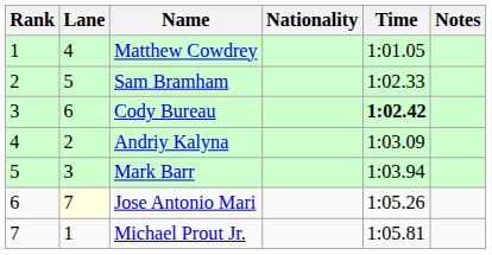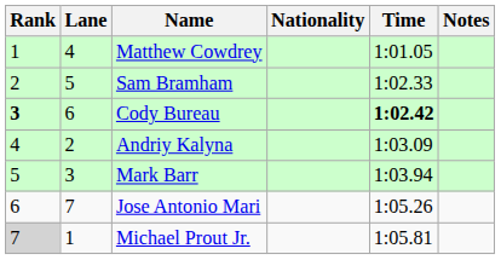 <table class="wikitable">
 <tr>
 <th>Rank</th>
 <th>Lane</th>
 <th>Name</th>
 <th>Nationality</th>
 <th>Time</th>
 <th>Notes</th>
 </tr>
 <tr>
 <td bgcolor=ccffcc>1</td>
 <td bgcolor=ccffcc>4</td>
 <td bgcolor=ccffcc><a href='#'>Matthew Cowdrey</a></td>
 <td bgcolor=ccffcc></td>
 <td bgcolor=ccffcc>1:01.05</td>
 <td bgcolor=ccffcc></td>
 </tr>
 <tr>
 <td bgcolor=ccffcc>2</td>
 <td bgcolor=ccffcc>5</td>
 <td bgcolor=ccffcc><a href='#'>Sam Bramham</a></td>
 <td bgcolor=ccffcc></td>
 <td bgcolor=ccffcc>1:02.33</td>
 <td bgcolor=ccffcc></td>
 </tr>
 <tr>
-<td bgcolor=ccffcc>3</td>
+<td bgcolor=ccffcc><strong>3</strong></td>
 <td bgcolor=ccffcc>6</td>
 <td bgcolor=ccffcc><a href='#'>Cody Bureau</a></td>
 <td bgcolor=ccffcc></td>
 <td bgcolor=ccffcc><strong>1:02.42</strong></td>
 <td bgcolor=ccffcc></td>
 </tr>
 <tr>
 <td bgcolor=ccffcc>4</td>
 <td bgcolor=ccffcc>2</td>
 <td bgcolor=ccffcc><a href='#'>Andriy Kalyna</a></td>
 <td bgcolor=ccffcc></td>
 <td bgcolor=ccffcc>1:03.09</td>
 <td bgcolor=ccffcc></td>
 </tr>
 <tr>
 <td bgcolor=ccffcc>5</td>
 <td bgcolor=ccffcc>3</td>
 <td bgcolor=ccffcc><a href='#'>Mark Barr</a></td>
 <td bgcolor=ccffcc></td>
 <td bgcolor=ccffcc>1:03.94</td>
 <td bgcolor=ccffcc></td>
 </tr>
 <tr>
 <td>6</td>
-<td style="background: lightyellow;">7</td>
+<td>7</td>
 <td><a href='#'>Jose Antonio Mari</a></td>
 <td></td>
 <td>1:05.26</td>
 <td></td>
 </tr>
 <tr>
-<td>7</td>
+<td style="background: lightgrey;">7</td>
 <td>1</td>
 <td><a href='#'>Michael Prout Jr.</a></td>
 <td></td>
 <td>1:05.81</td>
 <td></td>
 </tr>
 <tr>
 </tr>
 </table>
